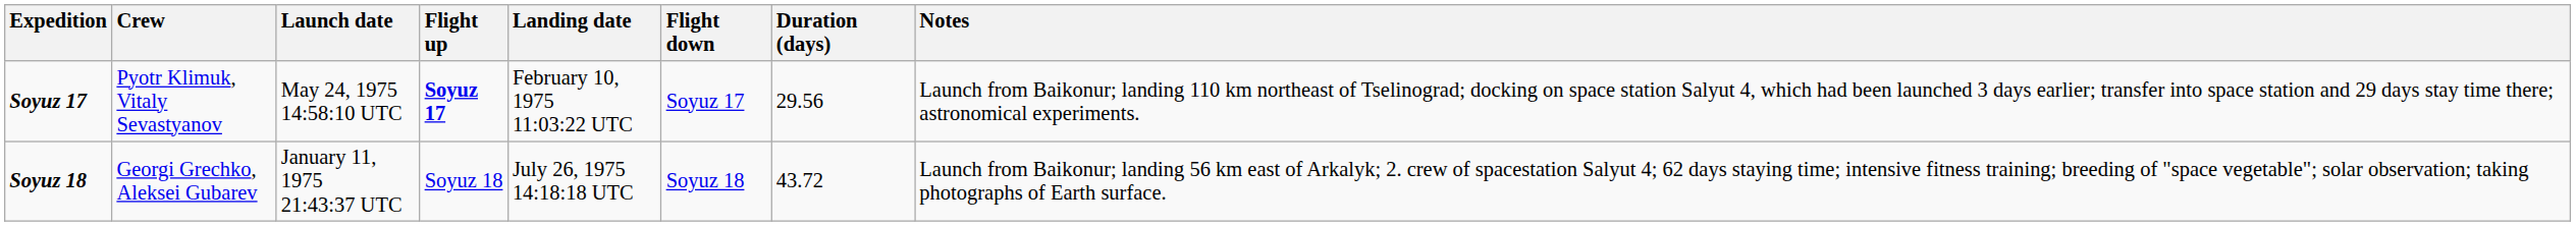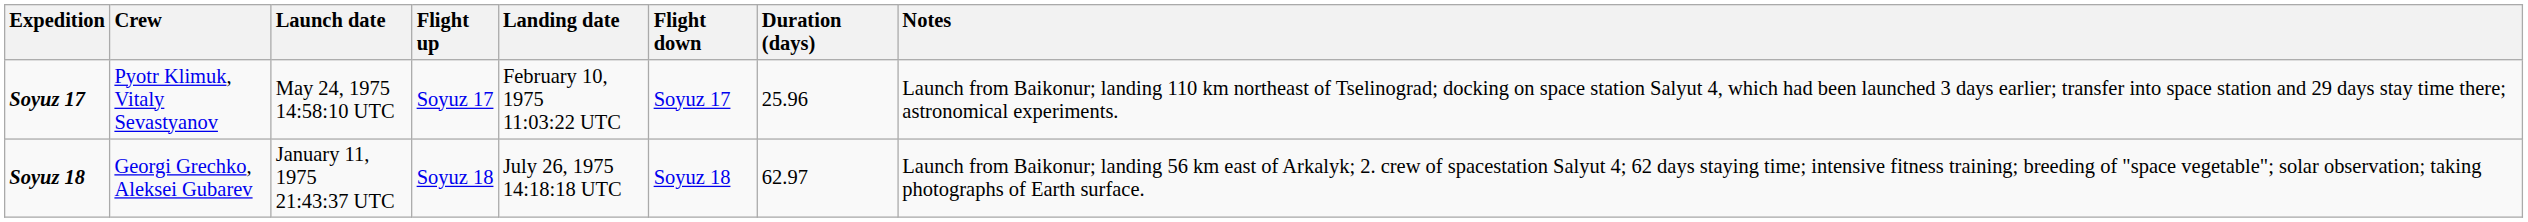 <table class="wikitable">
 <tr bgcolor="#efefef" valign="top">
 <th style="text-align:left">Expedition</th>
 <th style="text-align:left">Crew</th>
 <th style="text-align:left">Launch date</th>
 <th style="text-align:left">Flight up</th>
 <th style="text-align:left">Landing date</th>
 <th style="text-align:left">Flight down</th>
 <th style="text-align:left">Duration (days)</th>
 <th style="text-align:left">Notes</th>
 </tr>
 <tr>
 <td><strong><em> Soyuz 17 </em></strong></td>
 <td><a href='#'>Pyotr Klimuk</a>,<br><a href='#'>Vitaly Sevastyanov</a></td>
 <td>May 24, 1975<br>14:58:10 UTC</td>
-<td><strong><a href='#'>Soyuz 17</a></strong></td>
+<td><a href='#'>Soyuz 17</a></td>
 <td>February 10, 1975<br>11:03:22 UTC</td>
 <td><a href='#'>Soyuz 17</a></td>
-<td>29.56</td>
+<td>25.96</td>
 <td>Launch from Baikonur; landing 110 km northeast of Tselinograd; docking on space station Salyut 4, which had been launched 3 days earlier; transfer into space station and 29 days stay time there; astronomical experiments.</td>
 </tr>
 <tr>
 <td><strong><em> Soyuz 18 </em></strong></td>
 <td><a href='#'>Georgi Grechko</a>,<br><a href='#'>Aleksei Gubarev</a></td>
 <td>January 11, 1975<br>21:43:37 UTC</td>
 <td><a href='#'>Soyuz 18</a></td>
 <td>July 26, 1975<br>14:18:18 UTC</td>
 <td><a href='#'>Soyuz 18</a></td>
-<td>43.72</td>
+<td>62.97</td>
 <td>Launch from Baikonur; landing 56 km east of Arkalyk; 2. crew of spacestation Salyut 4; 62 days staying time; intensive fitness training; breeding of "space vegetable"; solar observation; taking photographs of Earth surface.</td>
 </tr>
 </table>
